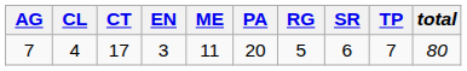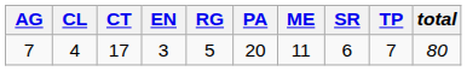 <table class="wikitable" border="1">
 <tr style="vertical-align:bottom;">
 <th> <a href='#'>AG</a> </th>
 <th> <a href='#'>CL</a> </th>
 <th> <a href='#'>CT</a> </th>
 <th> <a href='#'>EN</a> </th>
+<th> <a href='#'>RG</a> </th>
+<th> <a href='#'>PA</a> </th>
 <th> <a href='#'>ME</a> </th>
-<th> <a href='#'>PA</a> </th>
-<th> <a href='#'>RG</a> </th>
 <th> <a href='#'>SR</a> </th>
 <th> <a href='#'>TP</a> </th>
 <th><em>total</em></th>
 </tr>
 <tr style="text-align:center;">
 <td>7</td>
 <td>4</td>
 <td>17</td>
 <td>3</td>
+<td>5</td>
+<td>20</td>
 <td>11</td>
-<td>20</td>
-<td>5</td>
 <td>6</td>
 <td>7</td>
 <td><em>80</em></td>
 </tr>
 </table>
